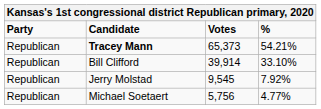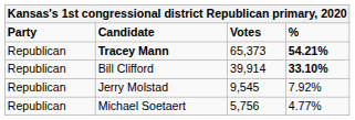 <table class="wikitable">
 <tr>
 <th colspan="4">Kansas's 1st congressional district Republican primary, 2020</th>
 </tr>
 <tr>
 <td><strong>Party</strong></td>
 <td><strong>Candidate</strong></td>
 <td><strong>Votes</strong></td>
 <td><strong>%</strong></td>
 </tr>
 <tr>
 <td>Republican</td>
 <td><strong>Tracey Mann</strong></td>
 <td>65,373</td>
-<td>54.21%</td>
+<td><strong>54.21%</strong></td>
 </tr>
 <tr>
 <td>Republican</td>
 <td>Bill Clifford</td>
 <td>39,914</td>
-<td>33.10%</td>
+<td><strong>33.10%</strong></td>
 </tr>
 <tr>
 <td>Republican</td>
 <td>Jerry Molstad</td>
 <td>9,545</td>
 <td>7.92%</td>
 </tr>
 <tr>
 <td>Republican</td>
 <td>Michael Soetaert</td>
 <td>5,756</td>
 <td>4.77%</td>
 </tr>
 </table>
